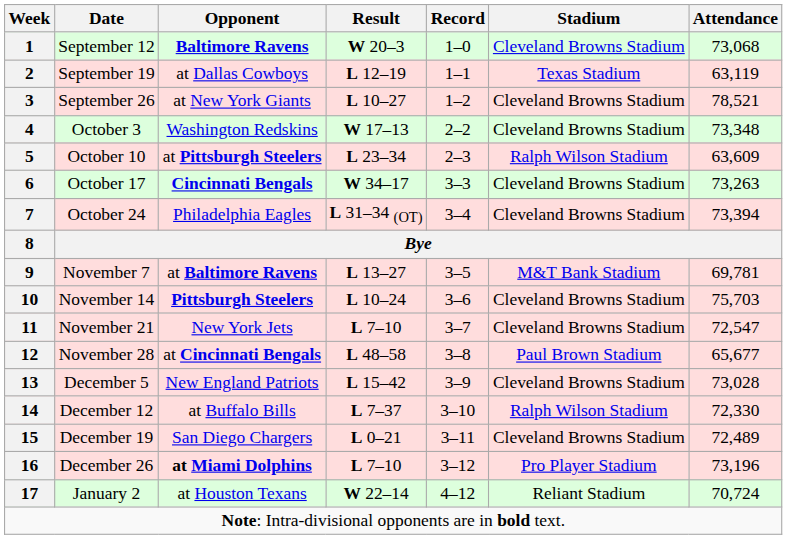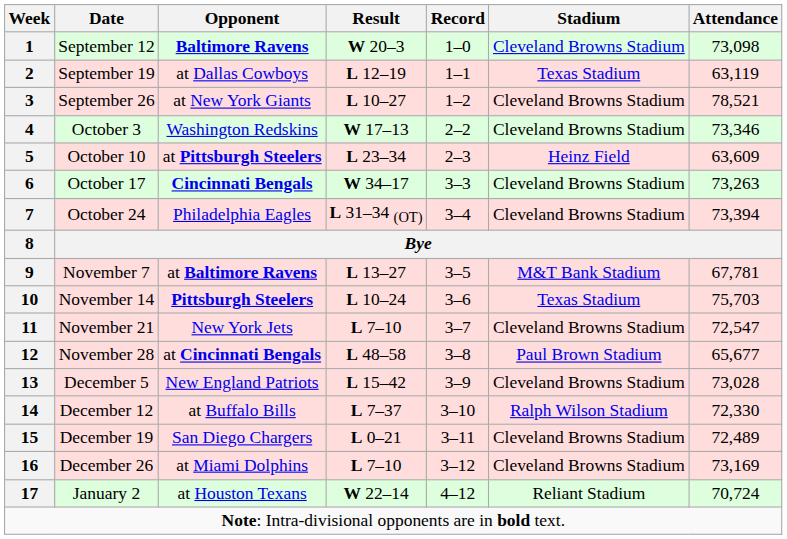 <table class="wikitable" style="text-align:center;">
 <tr>
 <th>Week</th>
 <th>Date</th>
 <th>Opponent</th>
 <th>Result</th>
 <th>Record</th>
 <th>Stadium</th>
 <th>Attendance</th>
 </tr>
 <tr style="background:#dfd;">
 <th>1</th>
 <td>September 12</td>
 <td><strong><a href='#'>Baltimore Ravens</a></strong></td>
 <td><strong>W</strong> 20–3</td>
 <td>1–0</td>
 <td><a href='#'>Cleveland Browns Stadium</a></td>
-<td>73,068</td>
+<td>73,098</td>
 </tr>
 <tr style="background:#fdd;">
 <th>2</th>
 <td>September 19</td>
 <td>at <a href='#'>Dallas Cowboys</a></td>
 <td><strong>L</strong> 12–19</td>
 <td>1–1</td>
 <td><a href='#'>Texas Stadium</a></td>
 <td>63,119</td>
 </tr>
 <tr style="background:#fdd;">
 <th>3</th>
 <td>September 26</td>
 <td>at <a href='#'>New York Giants</a></td>
 <td><strong>L</strong> 10–27</td>
 <td>1–2</td>
 <td>Cleveland Browns Stadium</td>
 <td>78,521</td>
 </tr>
 <tr style="background:#dfd;">
 <th>4</th>
 <td>October 3</td>
 <td><a href='#'>Washington Redskins</a></td>
 <td><strong>W</strong> 17–13</td>
 <td>2–2</td>
 <td>Cleveland Browns Stadium</td>
-<td>73,348</td>
+<td>73,346</td>
 </tr>
 <tr style="background:#fdd;">
 <th>5</th>
 <td>October 10</td>
 <td>at <strong><a href='#'>Pittsburgh Steelers</a></strong></td>
 <td><strong>L</strong> 23–34</td>
 <td>2–3</td>
-<td><a href='#'>Ralph Wilson Stadium</a></td>
+<td><a href='#'>Heinz Field</a></td>
 <td>63,609</td>
 </tr>
 <tr style="background:#dfd;">
 <th>6</th>
 <td>October 17</td>
 <td><strong><a href='#'>Cincinnati Bengals</a></strong></td>
 <td><strong>W</strong> 34–17</td>
 <td>3–3</td>
 <td>Cleveland Browns Stadium</td>
 <td>73,263</td>
 </tr>
 <tr style="background:#fdd;">
 <th>7</th>
 <td>October 24</td>
 <td><a href='#'>Philadelphia Eagles</a></td>
 <td><strong>L</strong> 31–34 <sub>(OT)</sub></td>
 <td>3–4</td>
 <td>Cleveland Browns Stadium</td>
 <td>73,394</td>
 </tr>
 <tr style="text-align:center;">
 <th>8</th>
 <th colspan="6"><em>Bye</em></th>
 </tr>
 <tr style="background:#fdd;">
 <th>9</th>
 <td>November 7</td>
 <td>at <strong><a href='#'>Baltimore Ravens</a></strong></td>
 <td><strong>L</strong> 13–27</td>
 <td>3–5</td>
 <td><a href='#'>M&T Bank Stadium</a></td>
-<td>69,781</td>
+<td>67,781</td>
 </tr>
 <tr style="background:#fdd;">
 <th>10</th>
 <td>November 14</td>
 <td><strong><a href='#'>Pittsburgh Steelers</a></strong></td>
 <td><strong>L</strong> 10–24</td>
 <td>3–6</td>
-<td>Cleveland Browns Stadium</td>
+<td><a href='#'>Texas Stadium</a></td>
 <td>75,703</td>
 </tr>
 <tr style="background:#fdd;">
 <th>11</th>
 <td>November 21</td>
 <td><a href='#'>New York Jets</a></td>
 <td><strong>L</strong> 7–10</td>
 <td>3–7</td>
 <td>Cleveland Browns Stadium</td>
 <td>72,547</td>
 </tr>
 <tr style="background:#fdd;">
 <th>12</th>
 <td>November 28</td>
 <td>at <strong><a href='#'>Cincinnati Bengals</a></strong></td>
 <td><strong>L</strong> 48–58</td>
 <td>3–8</td>
 <td><a href='#'>Paul Brown Stadium</a></td>
 <td>65,677</td>
 </tr>
 <tr style="background:#fdd;">
 <th>13</th>
 <td>December 5</td>
 <td><a href='#'>New England Patriots</a></td>
 <td><strong>L</strong> 15–42</td>
 <td>3–9</td>
 <td>Cleveland Browns Stadium</td>
 <td>73,028</td>
 </tr>
 <tr style="background:#fdd;">
 <th>14</th>
 <td>December 12</td>
 <td>at <a href='#'>Buffalo Bills</a></td>
 <td><strong>L</strong> 7–37</td>
 <td>3–10</td>
 <td><a href='#'>Ralph Wilson Stadium</a></td>
 <td>72,330</td>
 </tr>
 <tr style="background:#fdd;">
 <th>15</th>
 <td>December 19</td>
 <td><a href='#'>San Diego Chargers</a></td>
 <td><strong>L</strong> 0–21</td>
 <td>3–11</td>
 <td>Cleveland Browns Stadium</td>
 <td>72,489</td>
 </tr>
 <tr style="background:#fdd;">
 <th>16</th>
 <td>December 26</td>
-<td><strong>at <a href='#'>Miami Dolphins</a></strong></td>
+<td>at <a href='#'>Miami Dolphins</a></td>
 <td><strong>L</strong> 7–10</td>
 <td>3–12</td>
-<td><a href='#'>Pro Player Stadium</a></td>
-<td>73,196</td>
+<td>Cleveland Browns Stadium</td>
+<td>73,169</td>
 </tr>
 <tr style="background:#dfd;">
 <th>17</th>
 <td>January 2</td>
 <td>at <a href='#'>Houston Texans</a></td>
 <td><strong>W</strong> 22–14</td>
 <td>4–12</td>
 <td>Reliant Stadium</td>
 <td>70,724</td>
 </tr>
 <tr>
 <td colspan="7"><strong>Note</strong>: Intra-divisional opponents are in <strong>bold</strong> text.</td>
 </tr>
 </table>
